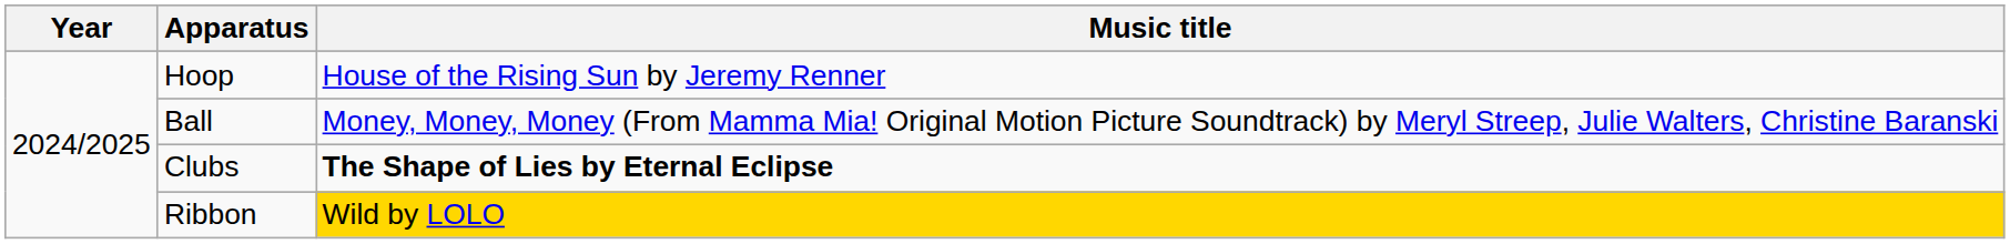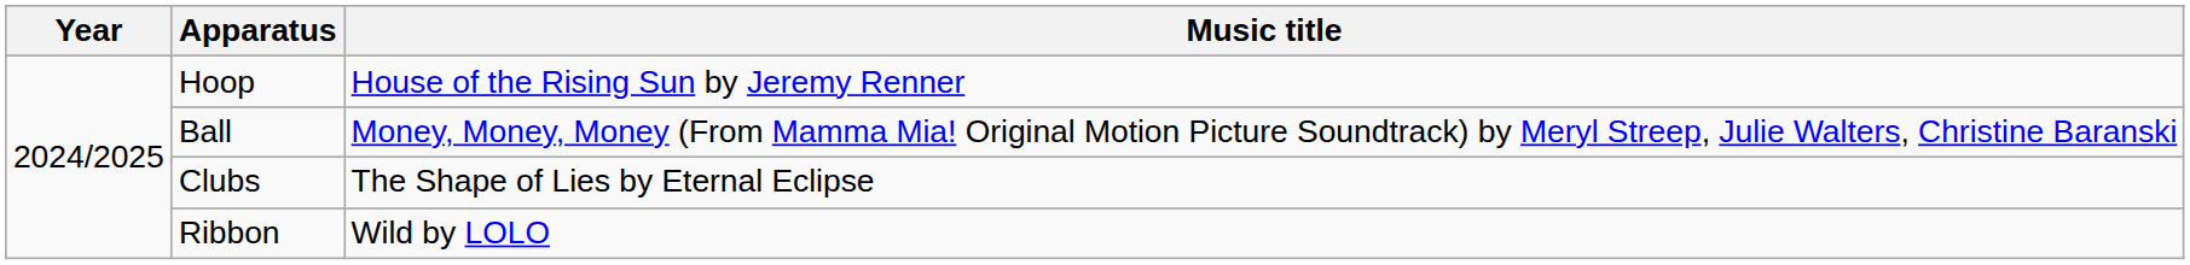 <table class="wikitable">
 <tr>
 <th>Year</th>
 <th>Apparatus</th>
 <th>Music title</th>
 </tr>
 <tr>
 <td rowspan="4">2024/2025</td>
 <td>Hoop</td>
 <td><a href='#'>House of the Rising Sun</a> by <a href='#'>Jeremy Renner</a></td>
 </tr>
 <tr>
 <td>Ball</td>
 <td><a href='#'>Money, Money, Money</a> (From <a href='#'>Mamma Mia!</a> Original Motion Picture Soundtrack) by <a href='#'>Meryl Streep</a>, <a href='#'>Julie Walters</a>, <a href='#'>Christine Baranski</a></td>
 </tr>
 <tr>
 <td>Clubs</td>
-<td><strong>The Shape of Lies by Eternal Eclipse</strong></td>
+<td>The Shape of Lies by Eternal Eclipse</td>
 </tr>
 <tr>
 <td>Ribbon</td>
-<td style="background: gold;">Wild by <a href='#'>LOLO</a></td>
+<td>Wild by <a href='#'>LOLO</a></td>
 </tr>
 </table>
